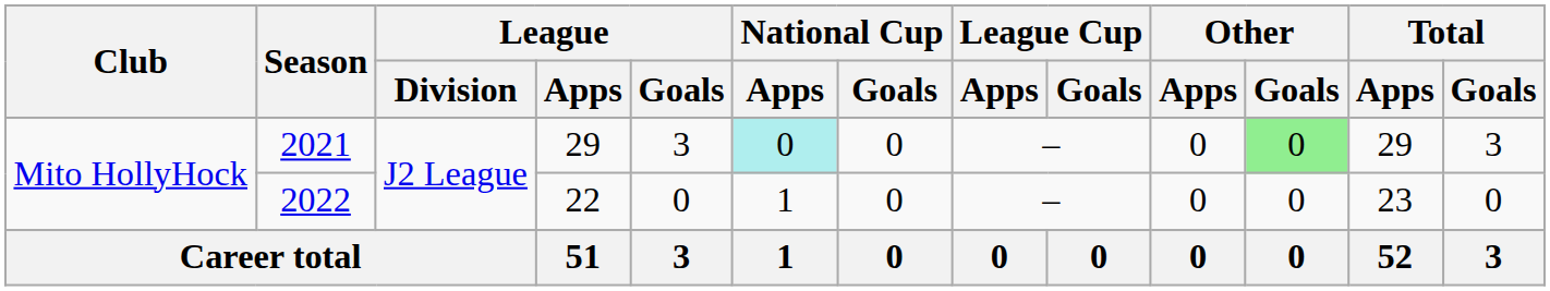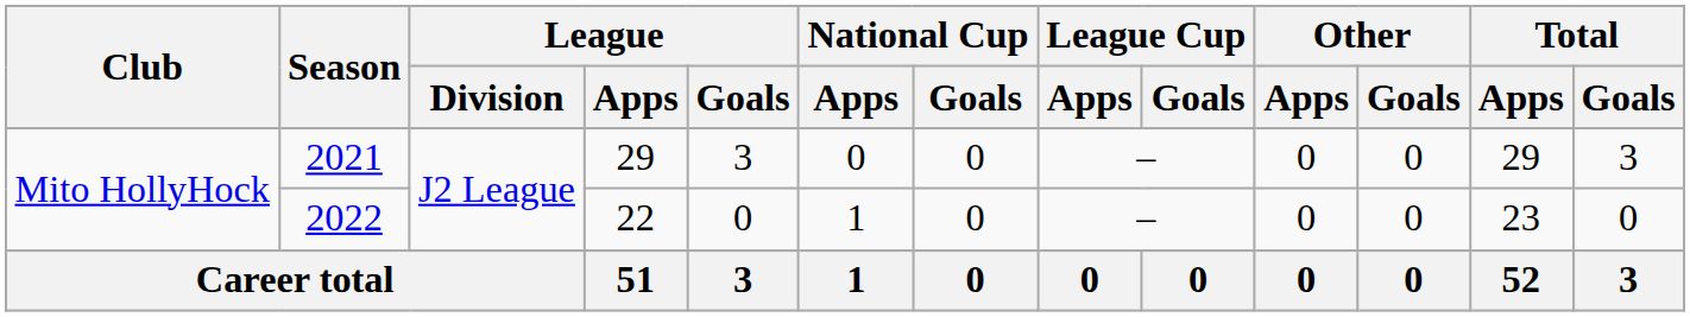 <table class="wikitable" style="text-align: center">
 <tr>
 <th rowspan="2">Club</th>
 <th rowspan="2">Season</th>
 <th colspan="3">League</th>
 <th colspan="2">National Cup</th>
 <th colspan="2">League Cup</th>
 <th colspan="2">Other</th>
 <th colspan="2">Total</th>
 </tr>
 <tr>
 <th>Division</th>
 <th>Apps</th>
 <th>Goals</th>
 <th>Apps</th>
 <th>Goals</th>
 <th>Apps</th>
 <th>Goals</th>
 <th>Apps</th>
 <th>Goals</th>
 <th>Apps</th>
 <th>Goals</th>
 </tr>
 <tr>
 <td rowspan="2"><a href='#'>Mito HollyHock</a></td>
 <td><a href='#'>2021</a></td>
 <td rowspan="2"><a href='#'>J2 League</a></td>
 <td>29</td>
 <td>3</td>
-<td style="background: paleturquoise;">0</td>
+<td>0</td>
 <td>0</td>
 <td colspan="2">–</td>
 <td>0</td>
-<td style="background: lightgreen;">0</td>
+<td>0</td>
 <td>29</td>
 <td>3</td>
 </tr>
 <tr>
 <td><a href='#'>2022</a></td>
 <td>22</td>
 <td>0</td>
 <td>1</td>
 <td>0</td>
 <td colspan="2">–</td>
 <td>0</td>
 <td>0</td>
 <td>23</td>
 <td>0</td>
 </tr>
 <tr>
 <th colspan="3">Career total</th>
 <th>51</th>
 <th>3</th>
 <th>1</th>
 <th>0</th>
 <th>0</th>
 <th>0</th>
 <th>0</th>
 <th>0</th>
 <th>52</th>
 <th>3</th>
 </tr>
 </table>
